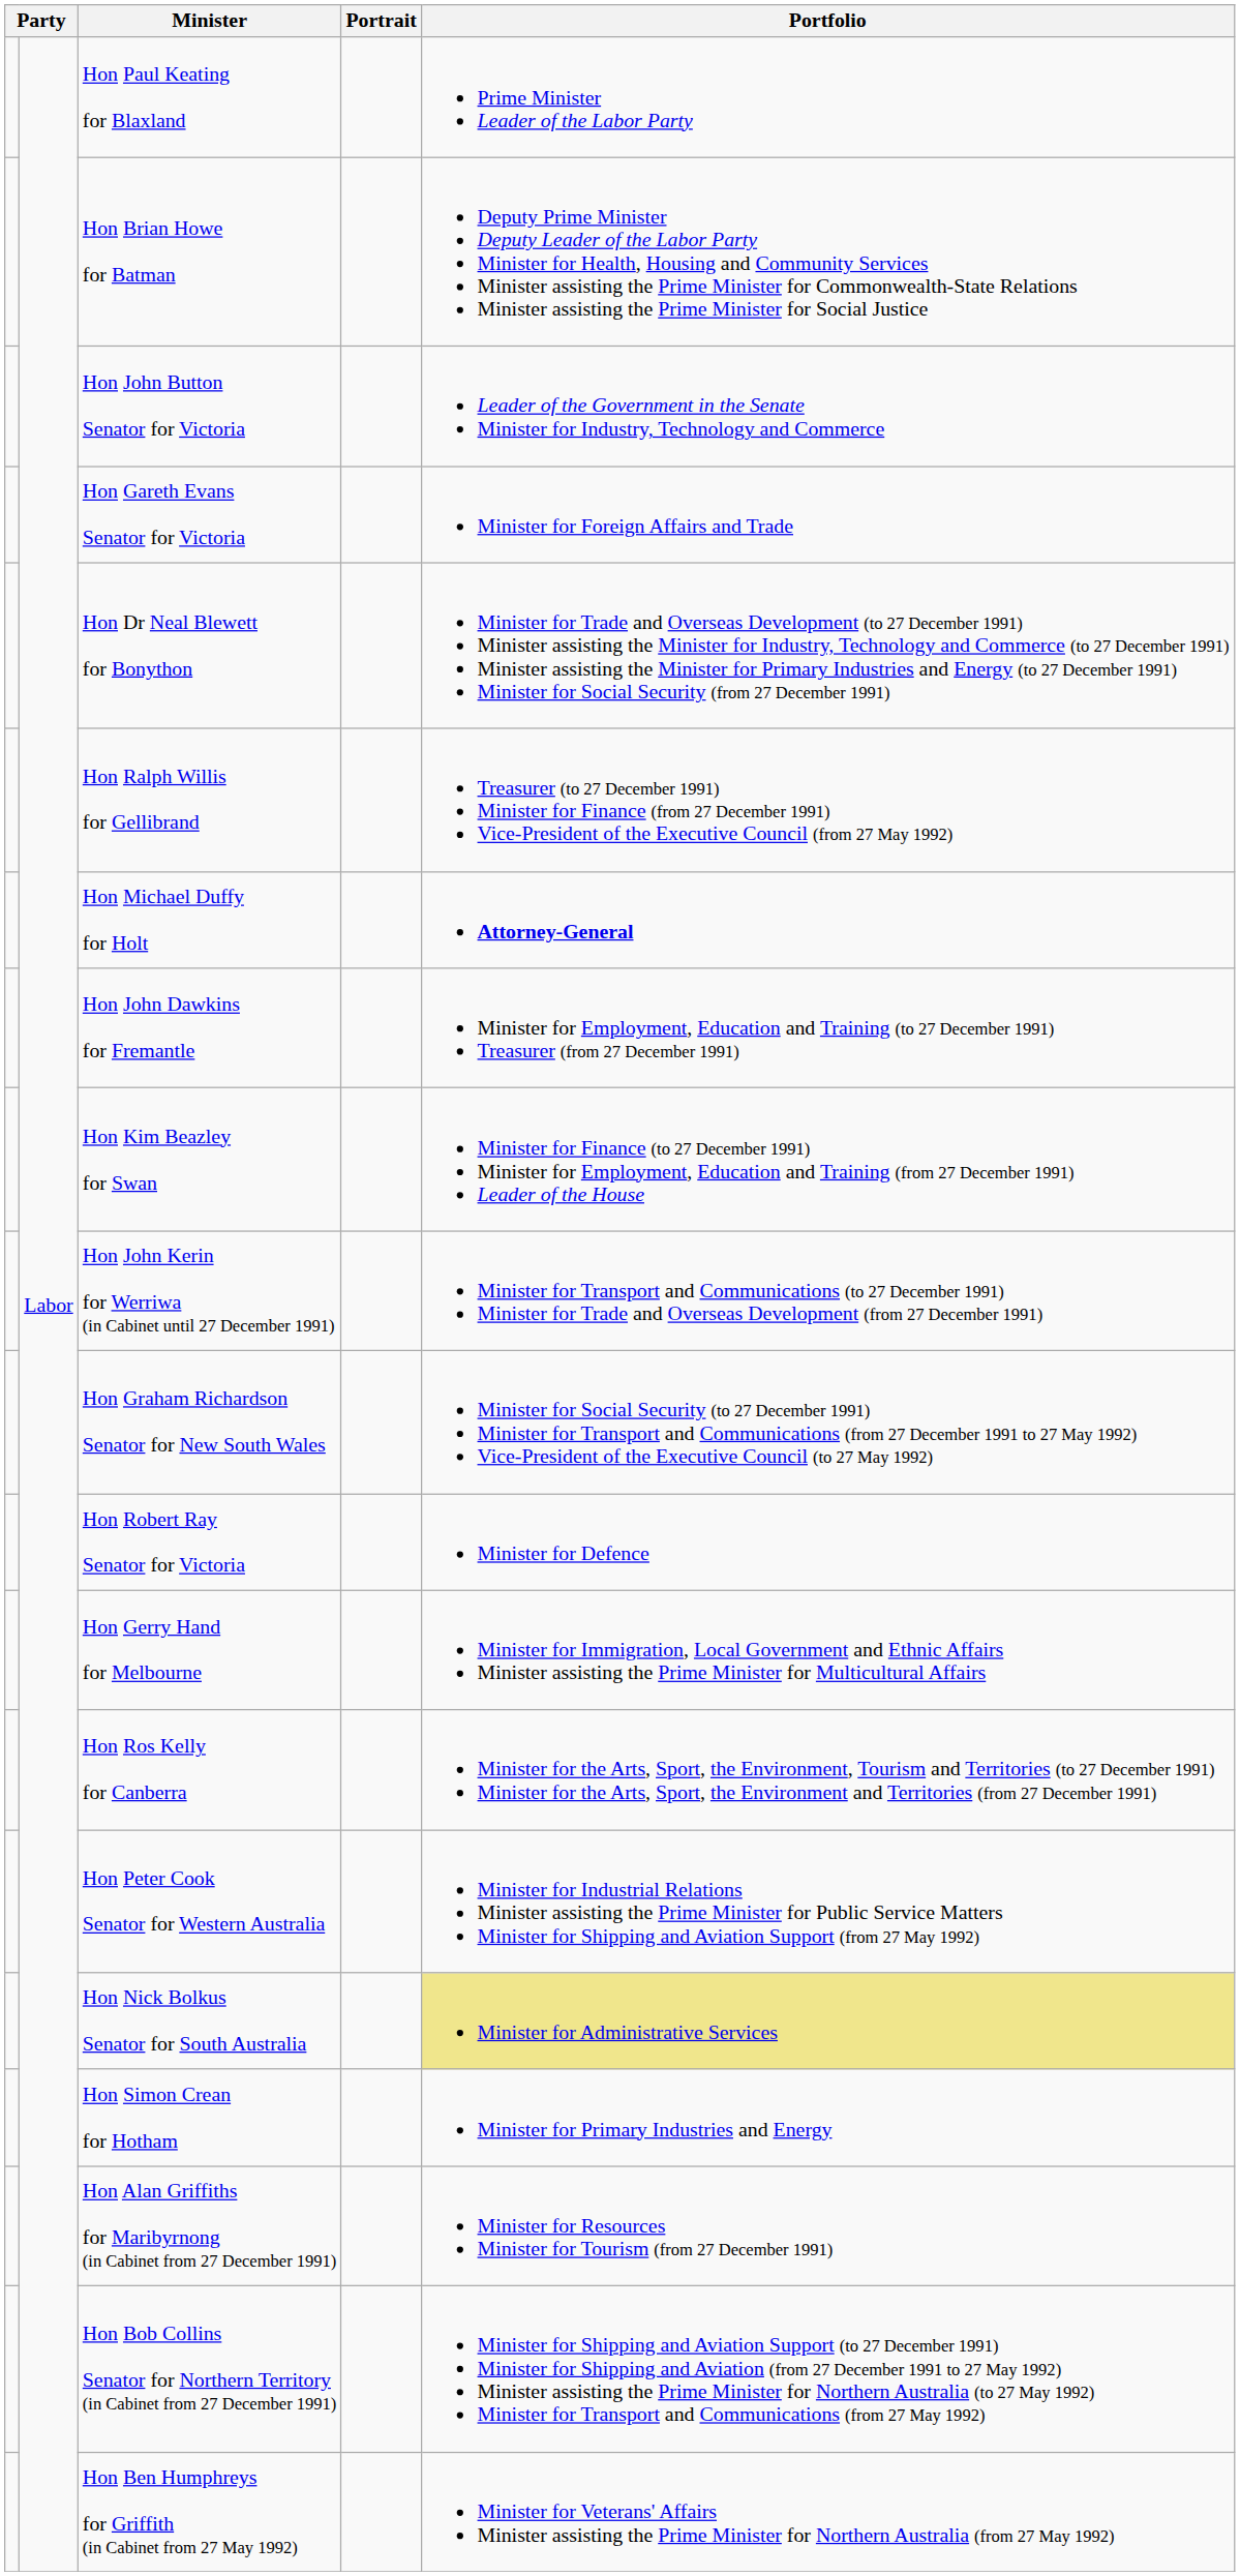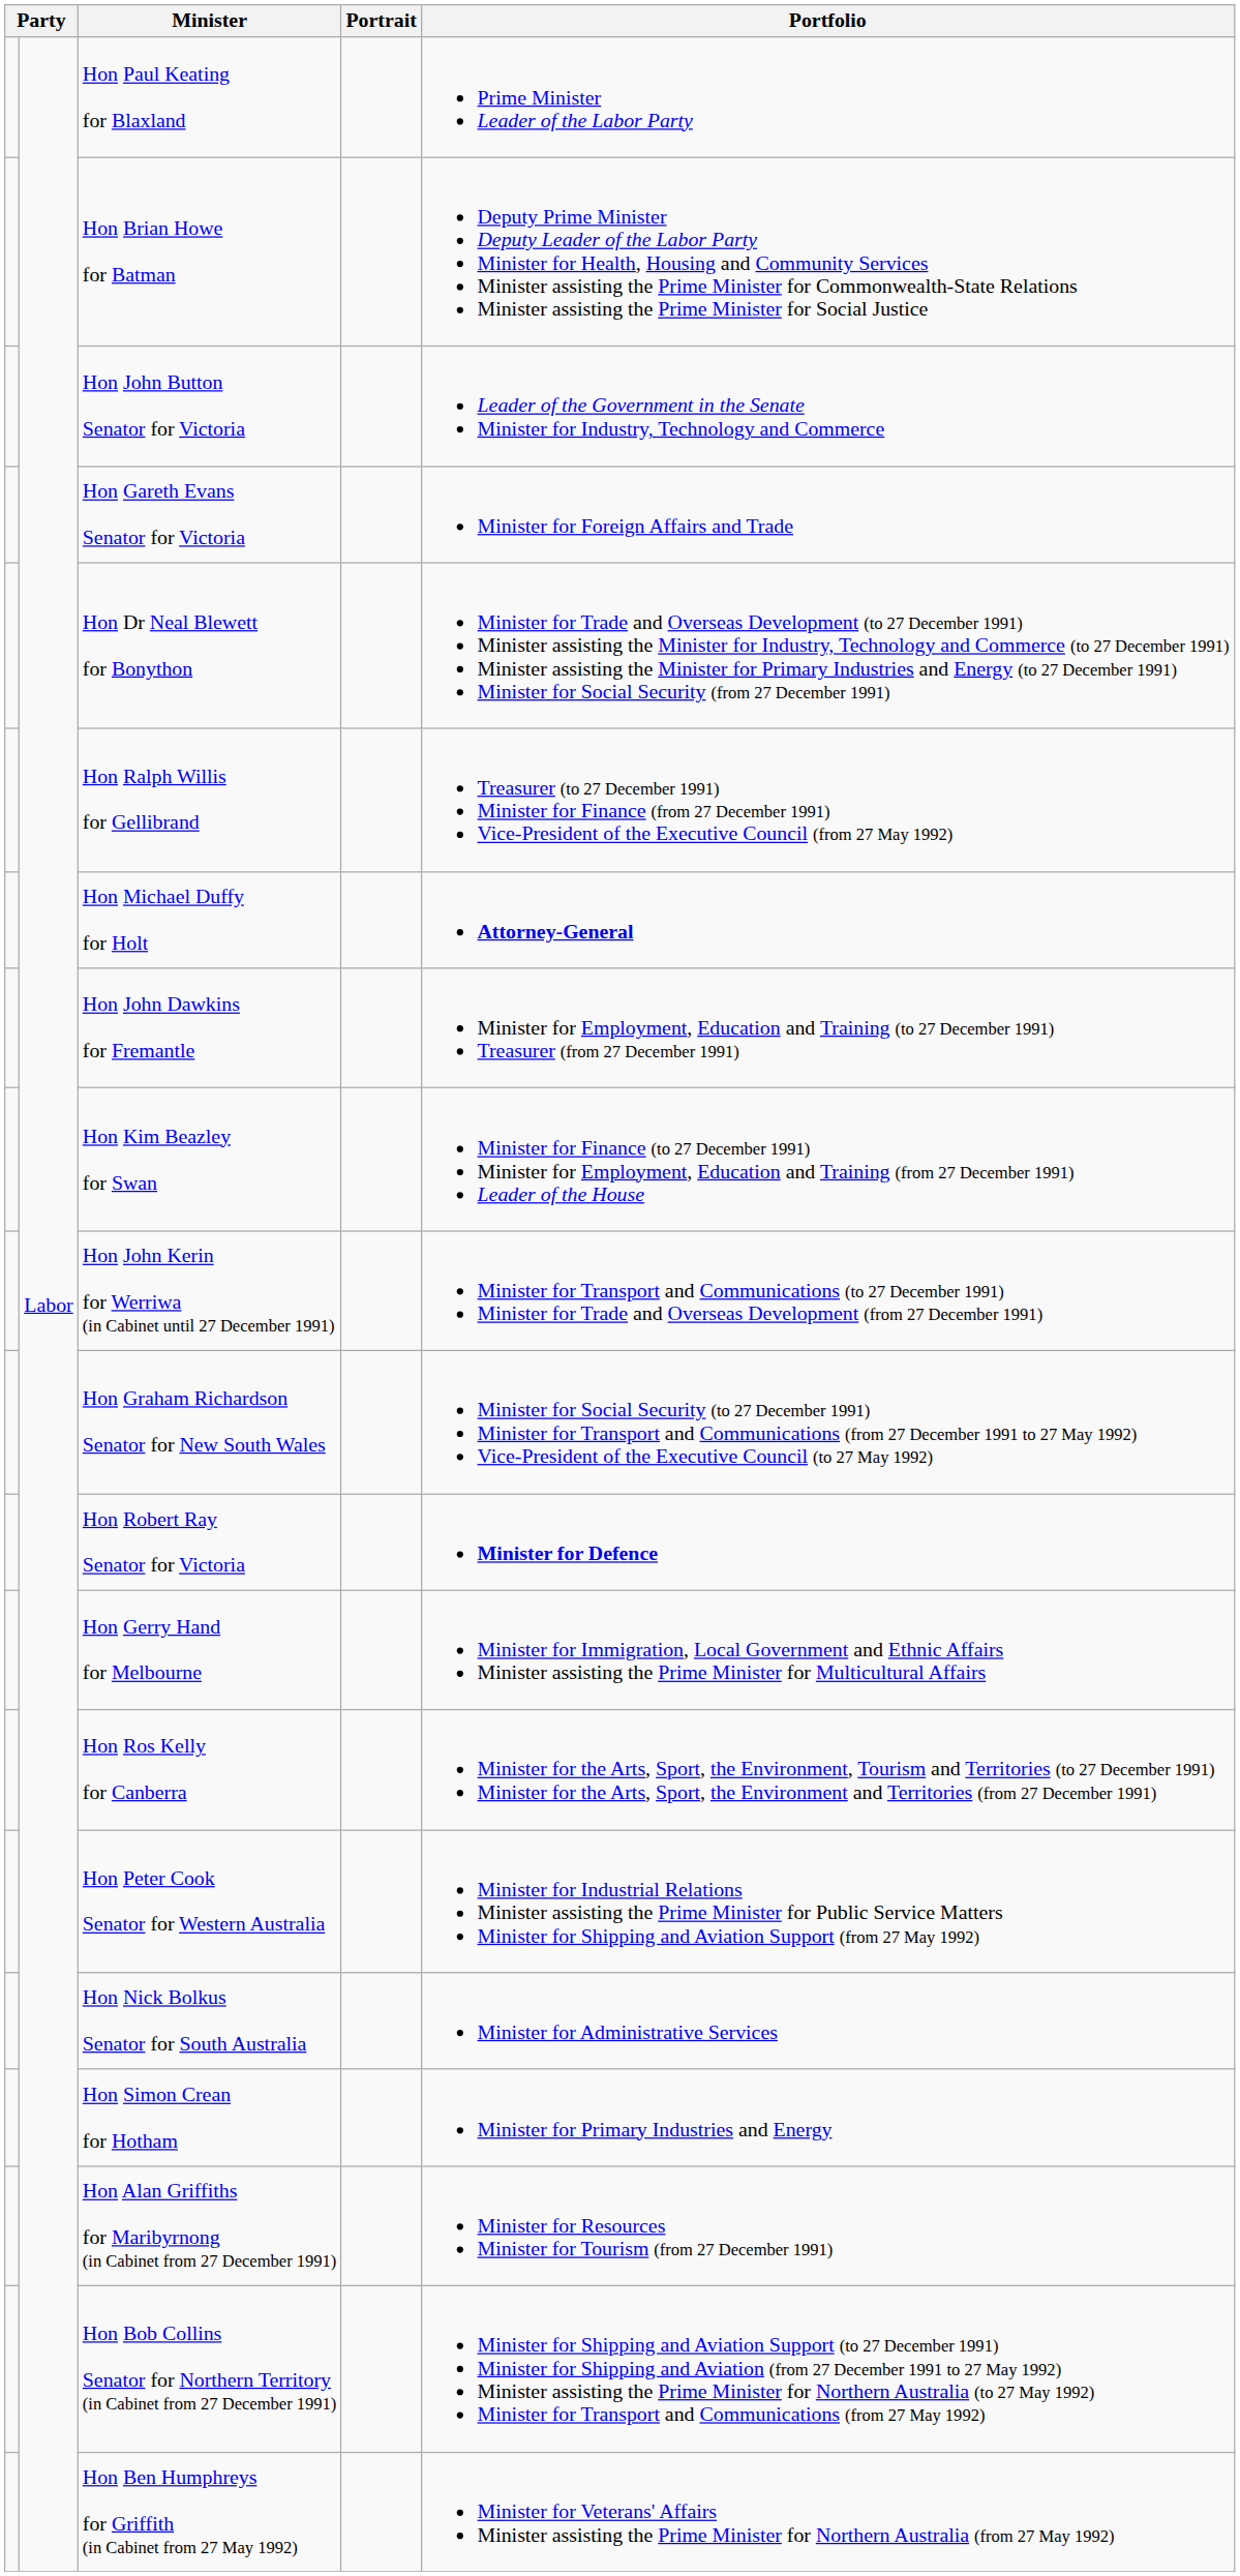 <table class="wikitable sortable">
 <tr>
 <th colspan="2">Party</th>
 <th>Minister</th>
 <th>Portrait</th>
 <th>Portfolio</th>
 </tr>
 <tr>
 <td> </td>
 <td rowspan=20><a href='#'>Labor</a></td>
 <td><a href='#'>Hon</a> <a href='#'>Paul Keating</a> <br><br> for <a href='#'>Blaxland</a> <br></td>
 <td></td>
 <td><br><ul><li><a href='#'>Prime Minister</a></li><li><em><a href='#'>Leader of the Labor Party</a></em></li></ul></td>
 </tr>
 <tr>
 <td> </td>
 <td><a href='#'>Hon</a> <a href='#'>Brian Howe</a> <br><br> for <a href='#'>Batman</a> <br></td>
 <td></td>
 <td><br><ul><li><a href='#'>Deputy Prime Minister</a></li><li><em><a href='#'>Deputy Leader of the Labor Party</a></em></li><li><a href='#'>Minister for Health</a>, <a href='#'>Housing</a> and <a href='#'>Community Services</a></li><li>Minister assisting the <a href='#'>Prime Minister</a> for Commonwealth-State Relations</li><li>Minister assisting the <a href='#'>Prime Minister</a> for Social Justice</li></ul></td>
 </tr>
 <tr>
 <td> </td>
 <td><a href='#'>Hon</a> <a href='#'>John Button</a> <br><br><a href='#'>Senator</a> for <a href='#'>Victoria</a> <br></td>
 <td></td>
 <td><br><ul><li><em><a href='#'>Leader of the Government in the Senate</a></em></li><li><a href='#'>Minister for Industry, Technology and Commerce</a></li></ul></td>
 </tr>
 <tr>
 <td> </td>
 <td><a href='#'>Hon</a> <a href='#'>Gareth Evans</a>  <br><br><a href='#'>Senator</a> for <a href='#'>Victoria</a> <br></td>
 <td></td>
 <td><br><ul><li><a href='#'>Minister for Foreign Affairs and Trade</a></li></ul></td>
 </tr>
 <tr>
 <td> </td>
 <td><a href='#'>Hon</a> Dr <a href='#'>Neal Blewett</a> <br><br> for <a href='#'>Bonython</a> <br></td>
 <td></td>
 <td><br><ul><li><a href='#'>Minister for Trade</a> and <a href='#'>Overseas Development</a> <small>(to 27 December 1991)</small></li><li>Minister assisting the <a href='#'>Minister for Industry, Technology and Commerce</a> <small>(to 27 December 1991)</small></li><li>Minister assisting the <a href='#'>Minister for Primary Industries</a> and <a href='#'>Energy</a> <small>(to 27 December 1991)</small></li><li><a href='#'>Minister for Social Security</a> <small>(from 27 December 1991)</small></li></ul></td>
 </tr>
 <tr>
 <td> </td>
 <td><a href='#'>Hon</a> <a href='#'>Ralph Willis</a> <br><br> for <a href='#'>Gellibrand</a> <br></td>
 <td></td>
 <td><br><ul><li><a href='#'>Treasurer</a> <small>(to 27 December 1991)</small></li><li><a href='#'>Minister for Finance</a> <small>(from 27 December 1991)</small></li><li><a href='#'>Vice-President of the Executive Council</a> <small>(from 27 May 1992)</small></li></ul></td>
 </tr>
 <tr>
 <td> </td>
 <td><a href='#'>Hon</a> <a href='#'>Michael Duffy</a> <br><br> for <a href='#'>Holt</a> <br></td>
 <td></td>
 <td><strong><br><ul><li><a href='#'>Attorney-General</a></li></ul></strong></td>
 </tr>
 <tr>
 <td> </td>
 <td><a href='#'>Hon</a> <a href='#'>John Dawkins</a> <br><br> for <a href='#'>Fremantle</a> <br></td>
 <td></td>
 <td><br><ul><li>Minister for <a href='#'>Employment</a>, <a href='#'>Education</a> and <a href='#'>Training</a> <small>(to 27 December 1991)</small></li><li><a href='#'>Treasurer</a> <small>(from 27 December 1991)</small></li></ul></td>
 </tr>
 <tr>
 <td> </td>
 <td><a href='#'>Hon</a> <a href='#'>Kim Beazley</a> <br><br> for <a href='#'>Swan</a> <br></td>
 <td></td>
 <td><br><ul><li><a href='#'>Minister for Finance</a> <small>(to 27 December 1991)</small></li><li>Minister for <a href='#'>Employment</a>, <a href='#'>Education</a> and <a href='#'>Training</a> <small>(from 27 December 1991)</small></li><li><em><a href='#'>Leader of the House</a></em></li></ul></td>
 </tr>
 <tr>
 <td> </td>
 <td><a href='#'>Hon</a> <a href='#'>John Kerin</a> <br><br> for <a href='#'>Werriwa</a> <br> <small>(in Cabinet until 27 December 1991)</small></td>
 <td></td>
 <td><br><ul><li><a href='#'>Minister for Transport</a> and <a href='#'>Communications</a> <small>(to 27 December 1991)</small></li><li><a href='#'>Minister for Trade</a> and <a href='#'>Overseas Development</a> <small>(from 27 December 1991)</small></li></ul></td>
 </tr>
 <tr>
 <td> </td>
 <td><a href='#'>Hon</a> <a href='#'>Graham Richardson</a> <br><br><a href='#'>Senator</a> for <a href='#'>New South Wales</a> <br></td>
 <td></td>
 <td><br><ul><li><a href='#'>Minister for Social Security</a> <small>(to 27 December 1991)</small></li><li><a href='#'>Minister for Transport</a> and <a href='#'>Communications</a> <small>(from 27 December 1991 to 27 May 1992)</small></li><li><a href='#'>Vice-President of the Executive Council</a> <small>(to 27 May 1992)</small></li></ul></td>
 </tr>
 <tr>
 <td> </td>
 <td><a href='#'>Hon</a> <a href='#'>Robert Ray</a> <br><br><a href='#'>Senator</a> for <a href='#'>Victoria</a> <br></td>
 <td></td>
-<td><br><ul><li><a href='#'>Minister for Defence</a></li></ul></td>
+<td><strong><br><ul><li><a href='#'>Minister for Defence</a></li></ul></strong></td>
 </tr>
 <tr>
 <td> </td>
 <td><a href='#'>Hon</a> <a href='#'>Gerry Hand</a> <br><br> for <a href='#'>Melbourne</a> <br></td>
 <td></td>
 <td><br><ul><li><a href='#'>Minister for Immigration</a>, <a href='#'>Local Government</a> and <a href='#'>Ethnic Affairs</a></li><li>Minister assisting the <a href='#'>Prime Minister</a> for <a href='#'>Multicultural Affairs</a></li></ul></td>
 </tr>
 <tr>
 <td> </td>
 <td><a href='#'>Hon</a> <a href='#'>Ros Kelly</a> <br><br> for <a href='#'>Canberra</a> <br></td>
 <td></td>
 <td><br><ul><li><a href='#'>Minister for the Arts</a>, <a href='#'>Sport</a>, <a href='#'>the Environment</a>, <a href='#'>Tourism</a> and <a href='#'>Territories</a> <small>(to 27 December 1991)</small></li><li><a href='#'>Minister for the Arts</a>, <a href='#'>Sport</a>, <a href='#'>the Environment</a> and <a href='#'>Territories</a> <small>(from 27 December 1991)</small></li></ul></td>
 </tr>
 <tr>
 <td> </td>
 <td><a href='#'>Hon</a> <a href='#'>Peter Cook</a> <br><br><a href='#'>Senator</a> for <a href='#'>Western Australia</a> <br></td>
 <td></td>
 <td><br><ul><li><a href='#'>Minister for Industrial Relations</a></li><li>Minister assisting the <a href='#'>Prime Minister</a> for Public Service Matters</li><li><a href='#'>Minister for Shipping and Aviation Support</a> <small>(from 27 May 1992)</small></li></ul></td>
 </tr>
 <tr>
 <td> </td>
 <td><a href='#'>Hon</a> <a href='#'>Nick Bolkus</a> <br><br><a href='#'>Senator</a> for <a href='#'>South Australia</a> <br></td>
 <td></td>
-<td style="background: khaki;"><br><ul><li><a href='#'>Minister for Administrative Services</a></li></ul></td>
+<td><br><ul><li><a href='#'>Minister for Administrative Services</a></li></ul></td>
 </tr>
 <tr>
 <td> </td>
 <td><a href='#'>Hon</a> <a href='#'>Simon Crean</a> <br><br> for <a href='#'>Hotham</a> <br></td>
 <td></td>
 <td><br><ul><li><a href='#'>Minister for Primary Industries</a> and <a href='#'>Energy</a></li></ul></td>
 </tr>
 <tr>
 <td> </td>
 <td><a href='#'>Hon</a> <a href='#'>Alan Griffiths</a> <br><br> for <a href='#'>Maribyrnong</a> <br> <small>(in Cabinet from 27 December 1991)</small></td>
 <td></td>
 <td><br><ul><li><a href='#'>Minister for Resources</a></li><li><a href='#'>Minister for Tourism</a> <small>(from 27 December 1991)</small></li></ul></td>
 </tr>
 <tr>
 <td> </td>
 <td><a href='#'>Hon</a> <a href='#'>Bob Collins</a> <br><br><a href='#'>Senator</a> for <a href='#'>Northern Territory</a> <br> <small>(in Cabinet from 27 December 1991)</small></td>
 <td></td>
 <td><br><ul><li><a href='#'>Minister for Shipping and Aviation Support</a> <small>(to 27 December 1991)</small></li><li><a href='#'>Minister for Shipping and Aviation</a> <small>(from 27 December 1991 to 27 May 1992)</small></li><li>Minister assisting the <a href='#'>Prime Minister</a> for <a href='#'>Northern Australia</a> <small>(to 27 May 1992)</small></li><li><a href='#'>Minister for Transport</a> and <a href='#'>Communications</a> <small>(from 27 May 1992)</small></li></ul></td>
 </tr>
 <tr>
 <td> </td>
 <td><a href='#'>Hon</a> <a href='#'>Ben Humphreys</a> <br><br> for <a href='#'>Griffith</a> <br> <small>(in Cabinet from 27 May 1992)</small></td>
 <td></td>
 <td><br><ul><li><a href='#'>Minister for Veterans' Affairs</a></li><li>Minister assisting the <a href='#'>Prime Minister</a> for <a href='#'>Northern Australia</a> <small>(from 27 May 1992)</small></li></ul></td>
 </tr>
 </table>
